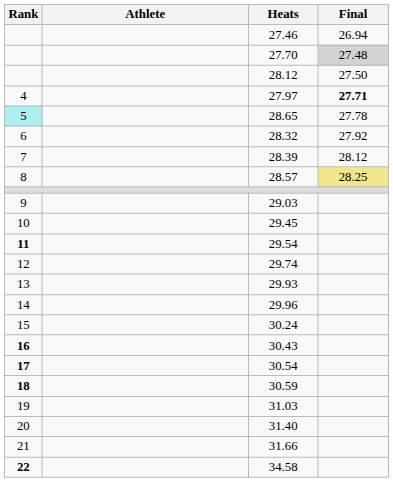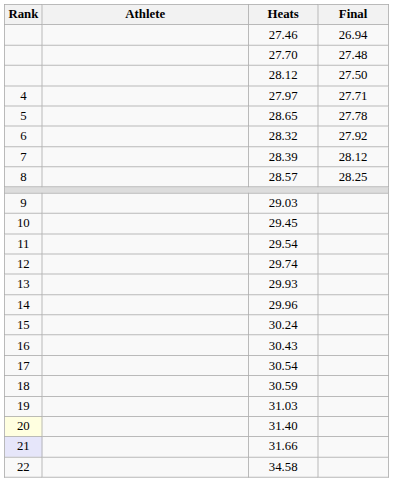 <table class=wikitable style="text-align:center">
 <tr>
 <th width=40>Rank</th>
 <th width=250>Athlete</th>
 <th width=80>Heats</th>
 <th width=80>Final</th>
 </tr>
 <tr>
 <td></td>
 <td align=left></td>
 <td>27.46</td>
 <td>26.94</td>
 </tr>
 <tr>
 <td></td>
 <td align=left></td>
 <td>27.70</td>
-<td style="background: lightgrey;">27.48</td>
+<td>27.48</td>
 </tr>
 <tr>
 <td></td>
 <td align=left></td>
 <td>28.12</td>
 <td>27.50</td>
 </tr>
 <tr>
 <td>4</td>
 <td align=left></td>
 <td>27.97</td>
-<td><strong>27.71</strong></td>
+<td>27.71</td>
 </tr>
 <tr>
-<td style="background: paleturquoise;">5</td>
+<td>5</td>
 <td align=left></td>
 <td>28.65</td>
 <td>27.78</td>
 </tr>
 <tr>
 <td>6</td>
 <td align=left></td>
 <td>28.32</td>
 <td>27.92</td>
 </tr>
 <tr>
 <td>7</td>
 <td align=left></td>
 <td>28.39</td>
 <td>28.12</td>
 </tr>
 <tr>
 <td>8</td>
 <td align=left></td>
 <td>28.57</td>
-<td style="background: khaki;">28.25</td>
+<td>28.25</td>
 </tr>
 <tr bgcolor=#DDDDDD>
 <td colspan=4></td>
 </tr>
 <tr>
 <td>9</td>
 <td align=left></td>
 <td>29.03</td>
 <td></td>
 </tr>
 <tr>
 <td>10</td>
 <td align=left></td>
 <td>29.45</td>
 <td></td>
 </tr>
 <tr>
-<td><strong>11</strong></td>
+<td>11</td>
 <td align=left></td>
 <td>29.54</td>
 <td></td>
 </tr>
 <tr>
 <td>12</td>
 <td align=left></td>
 <td>29.74</td>
 <td></td>
 </tr>
 <tr>
 <td>13</td>
 <td align=left></td>
 <td>29.93</td>
 <td></td>
 </tr>
 <tr>
 <td>14</td>
 <td align=left></td>
 <td>29.96</td>
 <td></td>
 </tr>
 <tr>
 <td>15</td>
 <td align=left></td>
 <td>30.24</td>
 <td></td>
 </tr>
 <tr>
-<td><strong>16</strong></td>
+<td>16</td>
 <td align=left></td>
 <td>30.43</td>
 <td></td>
 </tr>
 <tr>
-<td><strong>17</strong></td>
+<td>17</td>
 <td align=left></td>
 <td>30.54</td>
 <td></td>
 </tr>
 <tr>
-<td><strong>18</strong></td>
+<td>18</td>
 <td align=left></td>
 <td>30.59</td>
 <td></td>
 </tr>
 <tr>
 <td>19</td>
 <td align=left></td>
 <td>31.03</td>
 <td></td>
 </tr>
 <tr>
-<td>20</td>
+<td style="background: lightyellow;">20</td>
 <td align=left></td>
 <td>31.40</td>
 <td></td>
 </tr>
 <tr>
-<td>21</td>
+<td style="background: lavender;">21</td>
 <td align=left></td>
 <td>31.66</td>
 <td></td>
 </tr>
 <tr>
-<td><strong>22</strong></td>
+<td>22</td>
 <td align=left></td>
 <td>34.58</td>
 <td></td>
 </tr>
 </table>
